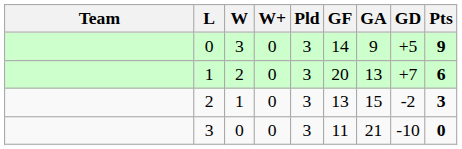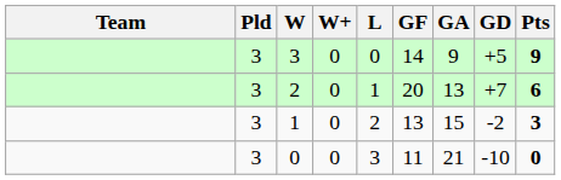 <table class="wikitable" style="text-align:center;">
 <tr>
 <th width=165>Team</th>
-<th width=20>L</th>
+<th width=20>Pld</th>
 <th width=20>W</th>
 <th width=20>W+</th>
-<th width=20>Pld</th>
+<th width=20>L</th>
 <th width=20>GF</th>
 <th width=20>GA</th>
 <th width=20>GD</th>
 <th width=20>Pts</th>
 </tr>
 <tr align=center style="background:#ccffcc;">
 <td align=left></td>
-<td>0</td>
+<td>3</td>
 <td>3</td>
 <td>0</td>
-<td>3</td>
+<td>0</td>
 <td>14</td>
 <td>9</td>
 <td>+5</td>
 <td><strong>9</strong></td>
 </tr>
 <tr align=center style="background:#ccffcc;">
 <td align=left></td>
-<td>1</td>
+<td>3</td>
 <td>2</td>
 <td>0</td>
-<td>3</td>
+<td>1</td>
 <td>20</td>
 <td>13</td>
 <td>+7</td>
 <td><strong>6</strong></td>
 </tr>
 <tr align=center>
 <td align=left></td>
-<td>2</td>
+<td>3</td>
 <td>1</td>
 <td>0</td>
-<td>3</td>
+<td>2</td>
 <td>13</td>
 <td>15</td>
 <td>-2</td>
 <td><strong>3</strong></td>
 </tr>
 <tr align=center>
 <td align=left></td>
 <td>3</td>
 <td>0</td>
 <td>0</td>
 <td>3</td>
 <td>11</td>
 <td>21</td>
 <td>-10</td>
 <td><strong>0</strong></td>
 </tr>
 </table>
